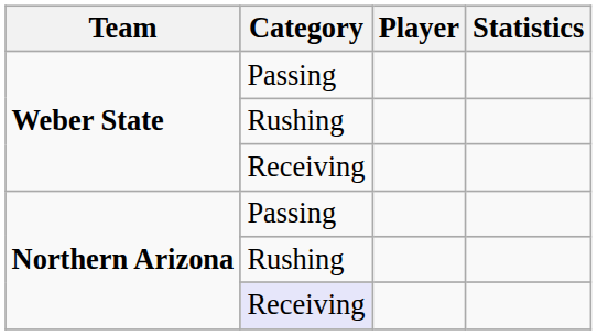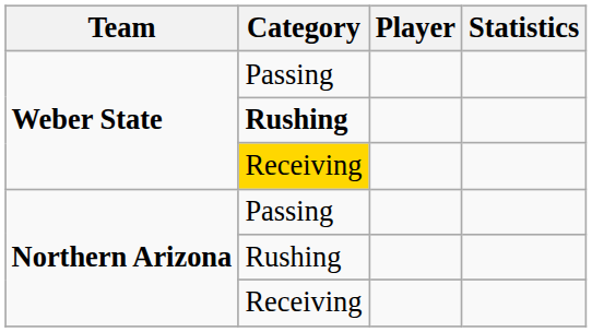 <table class="wikitable" style="float: right;">
 <tr>
 <th>Team</th>
 <th>Category</th>
 <th>Player</th>
 <th>Statistics</th>
 </tr>
 <tr>
 <td rowspan=3><strong>Weber State</strong></td>
 <td>Passing</td>
 <td></td>
 <td></td>
 </tr>
 <tr>
-<td>Rushing</td>
+<td><strong>Rushing</strong></td>
 <td></td>
 <td></td>
 </tr>
 <tr>
-<td>Receiving</td>
+<td style="background: gold;">Receiving</td>
 <td></td>
 <td></td>
 </tr>
 <tr>
 <td rowspan=3><strong>Northern Arizona</strong></td>
 <td>Passing</td>
 <td></td>
 <td></td>
 </tr>
 <tr>
 <td>Rushing</td>
 <td></td>
 <td></td>
 </tr>
 <tr>
-<td style="background: lavender;">Receiving</td>
+<td>Receiving</td>
 <td></td>
 <td></td>
 </tr>
 </table>
